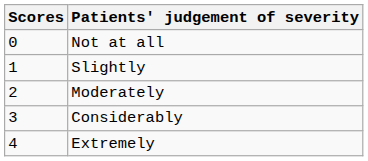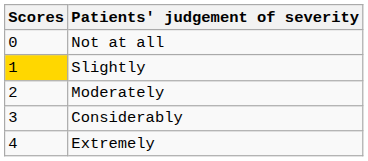 <table class="wikitable">
 <tr>
 <th>Scores</th>
 <th>Patients' judgement of severity</th>
 </tr>
 <tr>
 <td>0</td>
 <td>Not at all</td>
 </tr>
 <tr>
-<td>1</td>
+<td style="background: gold;">1</td>
 <td>Slightly</td>
 </tr>
 <tr>
 <td>2</td>
 <td>Moderately</td>
 </tr>
 <tr>
 <td>3</td>
 <td>Considerably</td>
 </tr>
 <tr>
 <td>4</td>
 <td>Extremely</td>
 </tr>
 </table>
